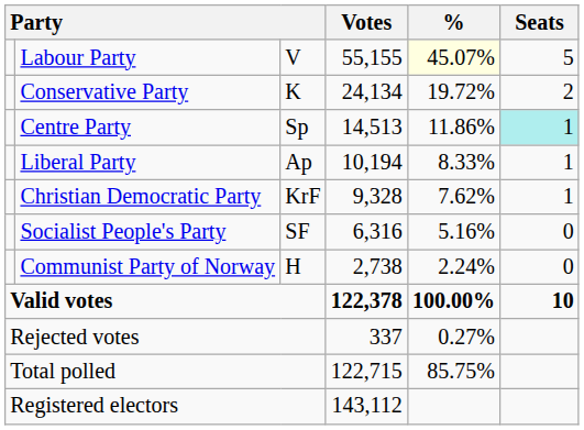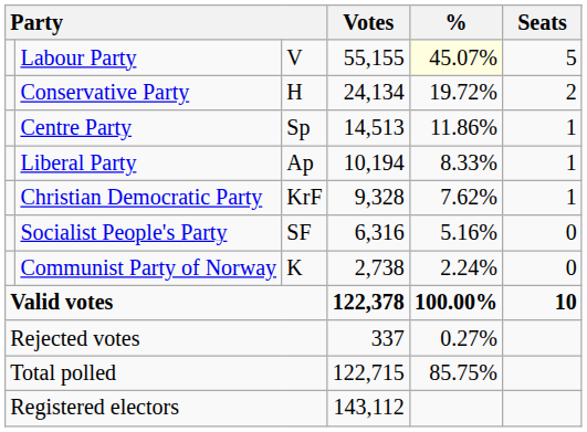 <table class="wikitable" border="1" style="text-align:right;">
 <tr>
 <th style="text-align:left;" colspan=3>Party</th>
 <th align=center width="50">Votes</th>
 <th align=center width="50">%</th>
 <th align=center width="50">Seats</th>
 </tr>
 <tr>
 <td style="color:inherit;background:"></td>
 <td align=left><a href='#'>Labour Party</a></td>
 <td align=left>V</td>
 <td>55,155</td>
 <td style="background: lightyellow;">45.07%</td>
 <td>5</td>
 </tr>
 <tr>
 <td style="color:inherit;background:"></td>
 <td align=left><a href='#'>Conservative Party</a></td>
-<td align=left>K</td>
+<td align=left>H</td>
 <td>24,134</td>
 <td>19.72%</td>
 <td>2</td>
 </tr>
 <tr>
 <td style="color:inherit;background:"></td>
 <td align=left><a href='#'>Centre Party</a></td>
 <td align=left>Sp</td>
 <td>14,513</td>
 <td>11.86%</td>
-<td style="background: paleturquoise;">1</td>
+<td>1</td>
 </tr>
 <tr>
 <td style="color:inherit;background:"></td>
 <td align=left><a href='#'>Liberal Party</a></td>
 <td align=left>Ap</td>
 <td>10,194</td>
 <td>8.33%</td>
 <td>1</td>
 </tr>
 <tr>
 <td style="color:inherit;background:"></td>
 <td align=left><a href='#'>Christian Democratic Party</a></td>
 <td align=left>KrF</td>
 <td>9,328</td>
 <td>7.62%</td>
 <td>1</td>
 </tr>
 <tr>
 <td style="color:inherit;background:"></td>
 <td align=left><a href='#'>Socialist People's Party</a></td>
 <td align=left>SF</td>
 <td>6,316</td>
 <td>5.16%</td>
 <td>0</td>
 </tr>
 <tr>
 <td style="color:inherit;background:"></td>
 <td align=left><a href='#'>Communist Party of Norway</a></td>
-<td align=left>H</td>
+<td align=left>K</td>
 <td>2,738</td>
 <td>2.24%</td>
 <td>0</td>
 </tr>
 <tr style="font-weight:bold">
 <td align=left colspan=3>Valid votes</td>
 <td>122,378</td>
 <td>100.00%</td>
 <td>10</td>
 </tr>
 <tr>
 <td align=left colspan=3>Rejected votes</td>
 <td>337</td>
 <td>0.27%</td>
 <td></td>
 </tr>
 <tr>
 <td align=left colspan=3>Total polled</td>
 <td>122,715</td>
 <td>85.75%</td>
 <td></td>
 </tr>
 <tr>
 <td align=left colspan=3>Registered electors</td>
 <td>143,112</td>
 <td></td>
 <td></td>
 </tr>
 </table>
